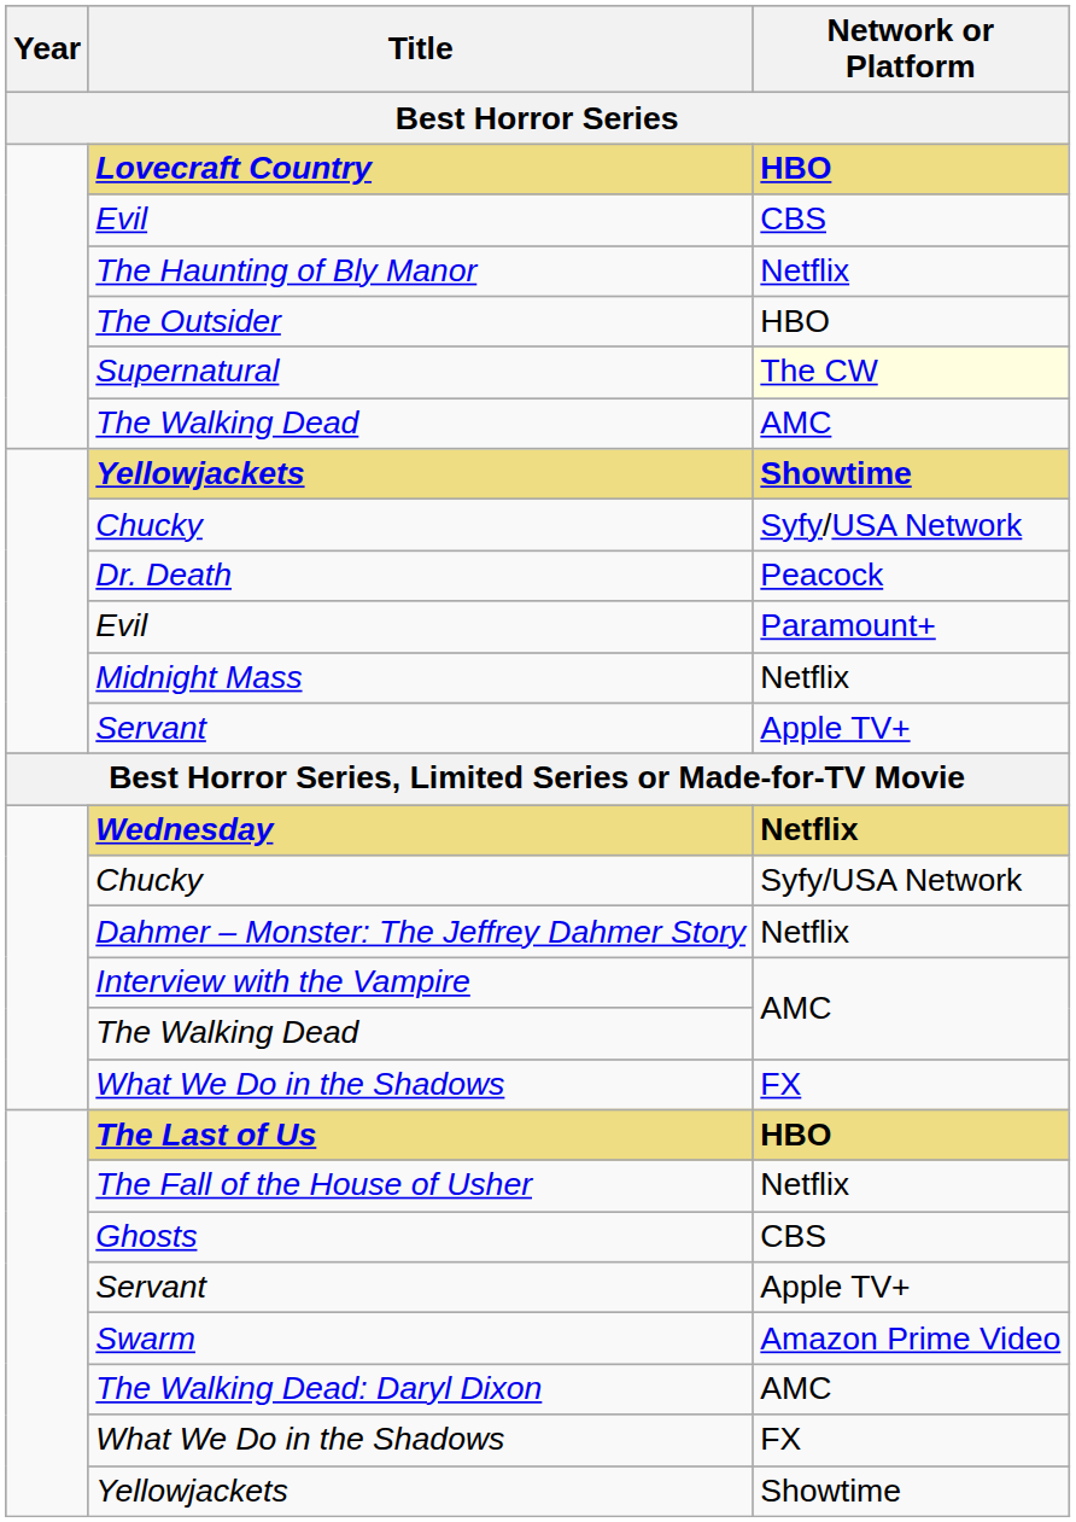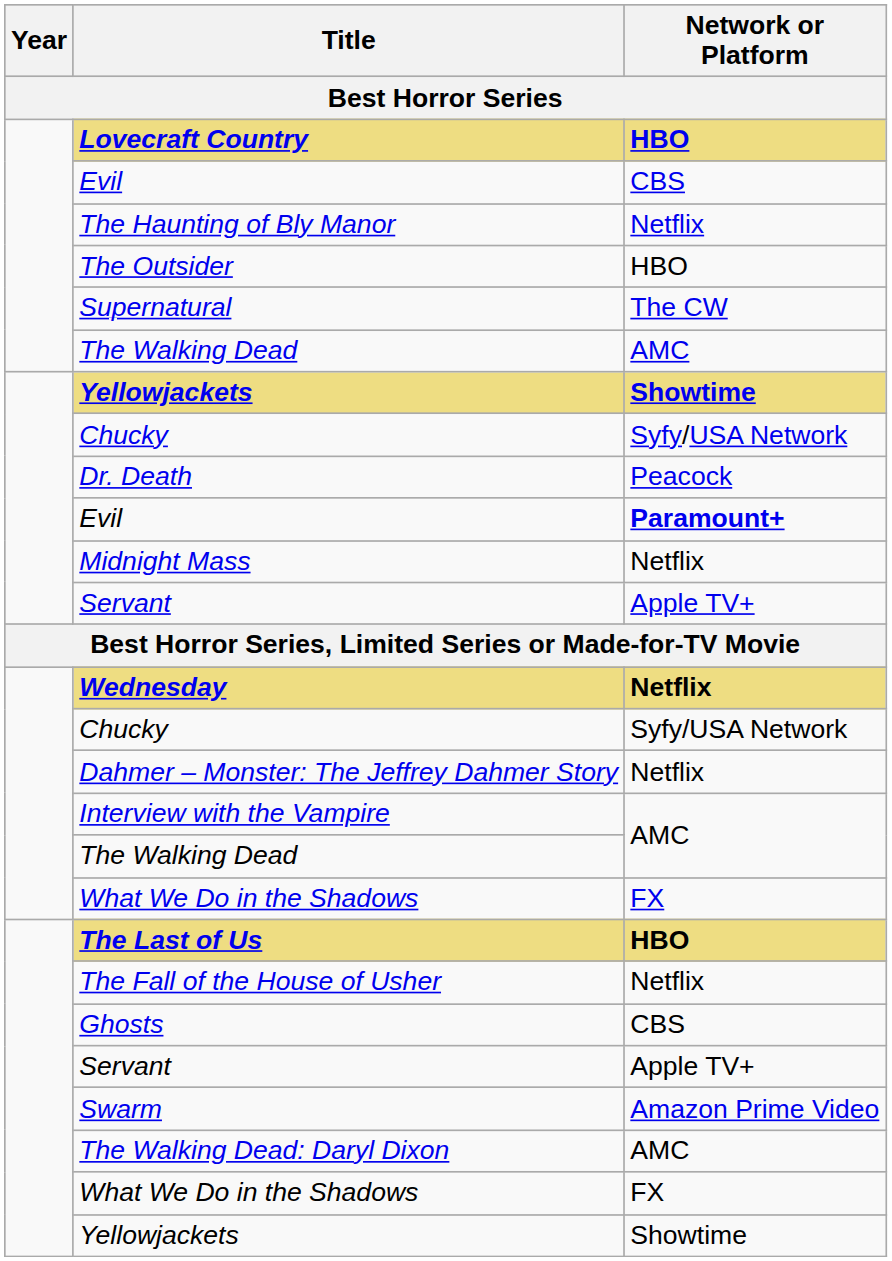 <table class="wikitable">
 <tr>
 <th>Year</th>
 <th>Title</th>
 <th>Network or<br>Platform</th>
 </tr>
 <tr>
 <th colspan="3">Best Horror Series</th>
 </tr>
 <tr>
 <td rowspan="6"></td>
 <td style="background:#EEDD82;"><strong><em><a href='#'>Lovecraft Country</a></em></strong></td>
 <td style="background:#EEDD82;"><strong><a href='#'>HBO</a></strong></td>
 </tr>
 <tr>
 <td><em><a href='#'>Evil</a></em></td>
 <td><a href='#'>CBS</a></td>
 </tr>
 <tr>
 <td><em><a href='#'>The Haunting of Bly Manor</a></em></td>
 <td><a href='#'>Netflix</a></td>
 </tr>
 <tr>
 <td><em><a href='#'>The Outsider</a></em></td>
 <td>HBO</td>
 </tr>
 <tr>
 <td><em><a href='#'>Supernatural</a></em></td>
-<td style="background: lightyellow;"><a href='#'>The CW</a></td>
+<td><a href='#'>The CW</a></td>
 </tr>
 <tr>
 <td><em><a href='#'>The Walking Dead</a></em></td>
 <td><a href='#'>AMC</a></td>
 </tr>
 <tr>
 <td rowspan="6"></td>
 <td style="background:#EEDD82"><strong><em><a href='#'>Yellowjackets</a></em></strong></td>
 <td style="background:#EEDD82"><strong><a href='#'>Showtime</a></strong></td>
 </tr>
 <tr>
 <td><em><a href='#'>Chucky</a></em></td>
 <td><a href='#'>Syfy</a>/<a href='#'>USA Network</a></td>
 </tr>
 <tr>
 <td><em><a href='#'>Dr. Death</a></em></td>
 <td><a href='#'>Peacock</a></td>
 </tr>
 <tr>
 <td><em>Evil</em></td>
-<td><a href='#'>Paramount+</a></td>
+<td><strong><a href='#'>Paramount+</a></strong></td>
 </tr>
 <tr>
 <td><em><a href='#'>Midnight Mass</a></em></td>
 <td>Netflix</td>
 </tr>
 <tr>
 <td><em><a href='#'>Servant</a></em></td>
 <td><a href='#'>Apple TV+</a></td>
 </tr>
 <tr>
 <th colspan="3">Best Horror Series, Limited Series or Made-for-TV Movie</th>
 </tr>
 <tr>
 <td rowspan="6"></td>
 <td style="background:#EEDD82"><strong><em><a href='#'> Wednesday</a></em></strong></td>
 <td style="background:#EEDD82"><strong>Netflix</strong></td>
 </tr>
 <tr>
 <td><em>Chucky</em></td>
 <td>Syfy/USA Network</td>
 </tr>
 <tr>
 <td><em><a href='#'>Dahmer – Monster: The Jeffrey Dahmer Story</a></em></td>
 <td>Netflix</td>
 </tr>
 <tr>
 <td><em><a href='#'> Interview with the Vampire</a></em></td>
 <td rowspan="2">AMC</td>
 </tr>
 <tr>
 <td><em>The Walking Dead</em></td>
 </tr>
 <tr>
 <td><em><a href='#'>What We Do in the Shadows</a></em></td>
 <td><a href='#'> FX</a></td>
 </tr>
 <tr>
 <td rowspan="8"></td>
 <td style="background:#EEDD82"><strong><em><a href='#'>The Last of Us</a></em></strong></td>
 <td style="background:#EEDD82"><strong>HBO</strong></td>
 </tr>
 <tr>
 <td><em><a href='#'>The Fall of the House of Usher</a></em></td>
 <td>Netflix</td>
 </tr>
 <tr>
 <td><em><a href='#'>Ghosts</a></em></td>
 <td>CBS</td>
 </tr>
 <tr>
 <td><em>Servant</em></td>
 <td>Apple TV+</td>
 </tr>
 <tr>
 <td><em><a href='#'>Swarm</a></em></td>
 <td><a href='#'>Amazon Prime Video</a></td>
 </tr>
 <tr>
 <td><em><a href='#'>The Walking Dead: Daryl Dixon</a></em></td>
 <td>AMC</td>
 </tr>
 <tr>
 <td><em>What We Do in the Shadows</em></td>
 <td>FX</td>
 </tr>
 <tr>
 <td><em>Yellowjackets</em></td>
 <td>Showtime</td>
 </tr>
 </table>
